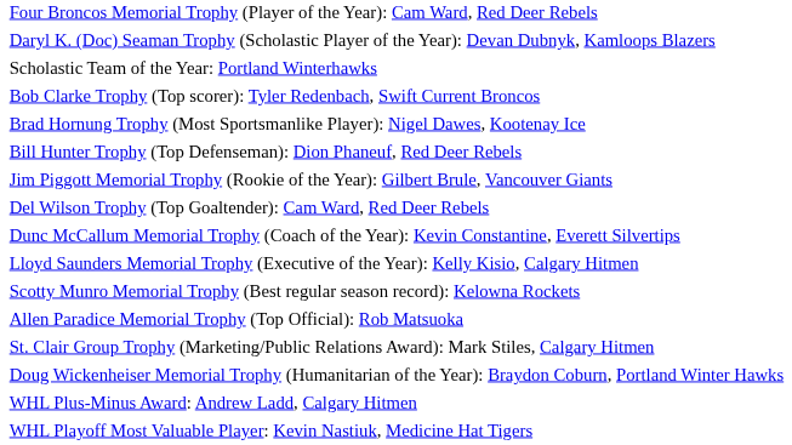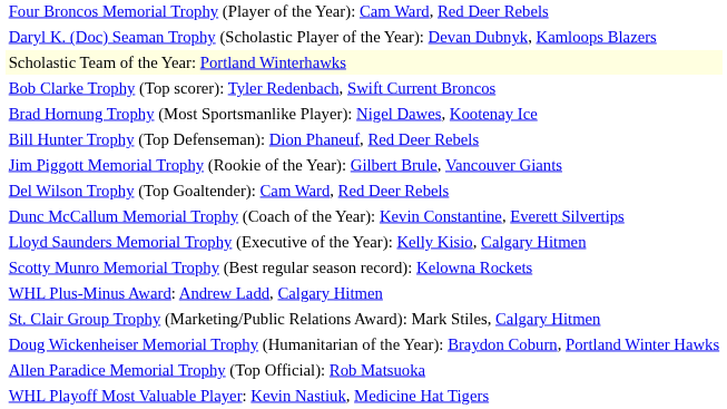 <table cellpadding="3" cellspacing="1">
 <tr>
 <td><a href='#'>Four Broncos Memorial Trophy</a> (Player of the Year): <a href='#'>Cam Ward</a>, <a href='#'>Red Deer Rebels</a></td>
 </tr>
 <tr>
 <td><a href='#'>Daryl K. (Doc) Seaman Trophy</a> (Scholastic Player of the Year): <a href='#'>Devan Dubnyk</a>, <a href='#'>Kamloops Blazers</a></td>
 </tr>
 <tr>
-<td>Scholastic Team of the Year: <a href='#'>Portland Winterhawks</a></td>
+<td style="background: lightyellow;">Scholastic Team of the Year: <a href='#'>Portland Winterhawks</a></td>
 </tr>
 <tr>
 <td><a href='#'>Bob Clarke Trophy</a> (Top scorer): <a href='#'>Tyler Redenbach</a>, <a href='#'>Swift Current Broncos</a></td>
 </tr>
 <tr>
 <td><a href='#'>Brad Hornung Trophy</a> (Most Sportsmanlike Player): <a href='#'>Nigel Dawes</a>, <a href='#'>Kootenay Ice</a></td>
 </tr>
 <tr>
 <td><a href='#'>Bill Hunter Trophy</a> (Top Defenseman): <a href='#'>Dion Phaneuf</a>, <a href='#'>Red Deer Rebels</a></td>
 </tr>
 <tr>
 <td><a href='#'>Jim Piggott Memorial Trophy</a> (Rookie of the Year): <a href='#'>Gilbert Brule</a>, <a href='#'>Vancouver Giants</a></td>
 </tr>
 <tr>
 <td><a href='#'>Del Wilson Trophy</a> (Top Goaltender): <a href='#'>Cam Ward</a>, <a href='#'>Red Deer Rebels</a></td>
 </tr>
 <tr>
 <td><a href='#'>Dunc McCallum Memorial Trophy</a> (Coach of the Year): <a href='#'>Kevin Constantine</a>, <a href='#'>Everett Silvertips</a></td>
 </tr>
 <tr>
 <td><a href='#'>Lloyd Saunders Memorial Trophy</a> (Executive of the Year): <a href='#'>Kelly Kisio</a>, <a href='#'>Calgary Hitmen</a></td>
 </tr>
 <tr>
 <td><a href='#'>Scotty Munro Memorial Trophy</a> (Best regular season record): <a href='#'>Kelowna Rockets</a></td>
 </tr>
 <tr>
-<td><a href='#'>Allen Paradice Memorial Trophy</a> (Top Official): <a href='#'>Rob Matsuoka</a></td>
+<td><a href='#'>WHL Plus-Minus Award</a>: <a href='#'>Andrew Ladd</a>, <a href='#'>Calgary Hitmen</a></td>
 </tr>
 <tr>
 <td><a href='#'>St. Clair Group Trophy</a> (Marketing/Public Relations Award): Mark Stiles, <a href='#'>Calgary Hitmen</a></td>
 </tr>
 <tr>
 <td><a href='#'>Doug Wickenheiser Memorial Trophy</a> (Humanitarian of the Year): <a href='#'>Braydon Coburn</a>, <a href='#'>Portland Winter Hawks</a></td>
 </tr>
 <tr>
-<td><a href='#'>WHL Plus-Minus Award</a>: <a href='#'>Andrew Ladd</a>, <a href='#'>Calgary Hitmen</a></td>
+<td><a href='#'>Allen Paradice Memorial Trophy</a> (Top Official): <a href='#'>Rob Matsuoka</a></td>
 </tr>
 <tr>
 <td><a href='#'>WHL Playoff Most Valuable Player</a>: <a href='#'>Kevin Nastiuk</a>, <a href='#'>Medicine Hat Tigers</a></td>
 </tr>
 </table>
